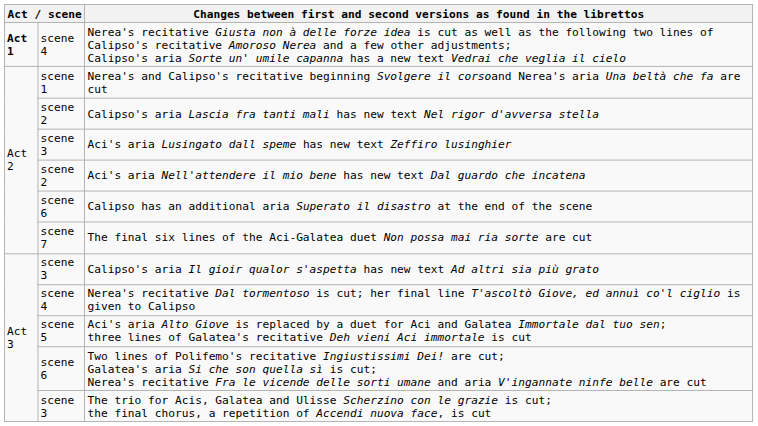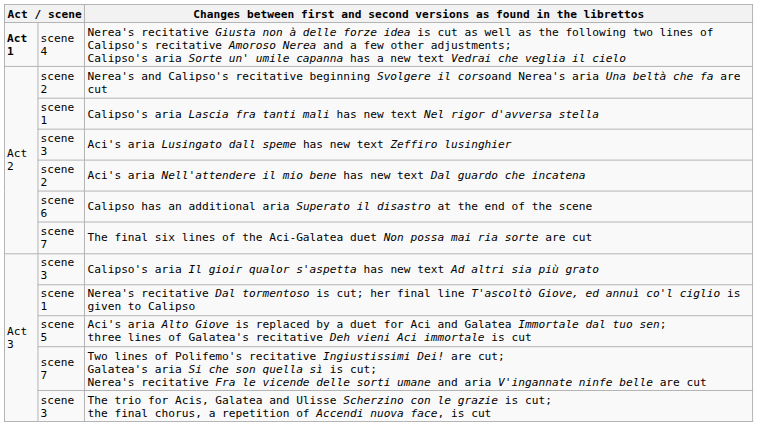 <table class="wikitable">
 <tr>
 <th colspan="2">Act / scene</th>
 <th>Changes between first and second versions as found in the librettos</th>
 </tr>
 <tr>
 <td><strong>Act 1</strong></td>
 <td>scene 4</td>
 <td>Nerea's recitative <em>Giusta non à delle forze idea</em> is cut as well as the following two lines of Calipso's recitative <em>Amoroso Nerea</em> and a few other adjustments;<br>Calipso's aria <em>Sorte un' umile capanna</em> has a new text <em>Vedrai che veglia il cielo</em></td>
 </tr>
 <tr>
 <td rowspan="6">Act 2</td>
-<td>scene 1</td>
+<td>scene 2</td>
 <td>Nerea's and Calipso's recitative beginning <em>Svolgere il corso</em>and Nerea's aria <em>Una beltà che fa</em> are cut</td>
 </tr>
 <tr>
-<td>scene 2</td>
+<td>scene 1</td>
 <td>Calipso's aria <em>Lascia fra tanti mali</em> has new text <em>Nel rigor d'avversa stella</em></td>
 </tr>
 <tr>
 <td>scene 3</td>
 <td>Aci's aria <em>Lusingato dall speme</em> has new text <em>Zeffiro lusinghier</em></td>
 </tr>
 <tr>
 <td>scene 2</td>
 <td>Aci's aria <em>Nell'attendere il mio bene</em> has new text <em>Dal guardo che incatena</em></td>
 </tr>
 <tr>
 <td>scene 6</td>
 <td>Calipso has an additional aria <em>Superato il disastro</em> at the end of the scene</td>
 </tr>
 <tr>
 <td>scene 7</td>
 <td>The final six lines of the Aci-Galatea duet <em>Non possa mai ria sorte</em> are cut</td>
 </tr>
 <tr>
 <td rowspan="5">Act 3</td>
 <td>scene 3</td>
 <td>Calipso's aria <em>Il gioir qualor s'aspetta</em> has new text <em>Ad altri sia più grato</em></td>
 </tr>
 <tr>
-<td>scene 4</td>
+<td>scene 1</td>
 <td>Nerea's recitative <em>Dal tormentoso</em> is cut; her final line <em>T'ascoltò Giove, ed annuì co'l ciglio</em> is given to Calipso</td>
 </tr>
 <tr>
 <td>scene 5</td>
 <td>Aci's aria <em>Alto Giove</em> is replaced by a duet for Aci and Galatea <em>Immortale dal tuo sen</em>;<br>three lines of Galatea's recitative <em>Deh vieni Aci immortale</em> is cut</td>
 </tr>
 <tr>
-<td>scene 6</td>
+<td>scene 7</td>
 <td>Two lines of Polifemo's recitative <em>Ingiustissimi Dei!</em> are cut;<br> Galatea's aria <em>Si che son quella sì</em> is cut; <br>Nerea's recitative <em>Fra le vicende delle sorti umane</em> and aria <em>V'ingannate ninfe belle</em> are cut</td>
 </tr>
 <tr>
 <td>scene 3</td>
 <td>The trio for Acis, Galatea and Ulisse <em>Scherzino con le grazie</em> is cut; <br>the final chorus, a repetition of <em>Accendi nuova face</em>, is cut</td>
 </tr>
 </table>
